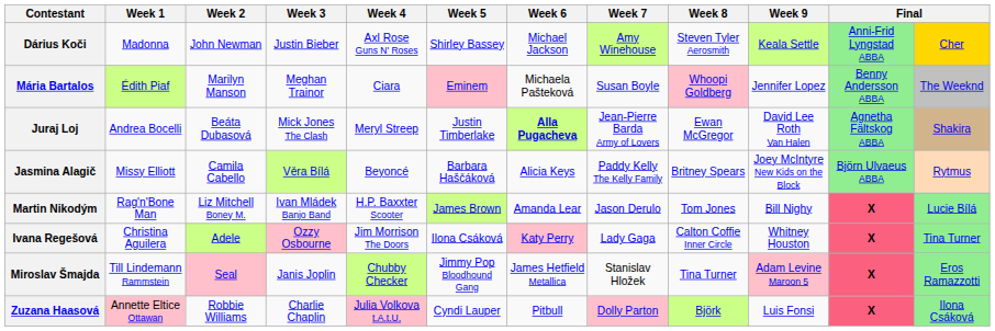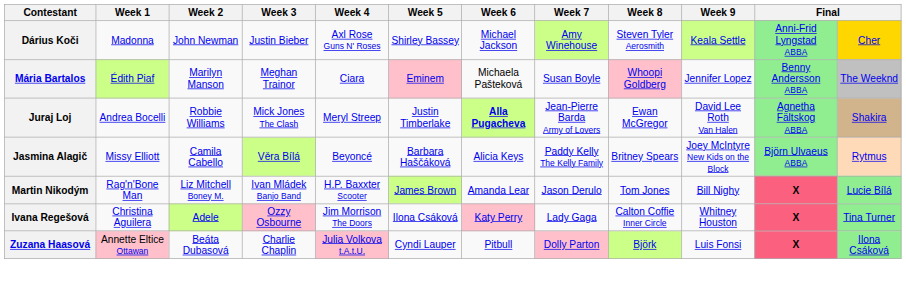 <table class="wikitable" style="font-size:90%; text-align:center; margin-left: auto; margin-right: auto">
 <tr>
 <th style="width: 10%;">Contestant</th>
 <th style="width: 8%;">Week 1</th>
 <th style="width: 8%;">Week 2</th>
 <th style="width: 8%;">Week 3</th>
 <th style="width: 8%;">Week 4</th>
 <th style="width: 8%;">Week 5</th>
 <th style="width: 8%;">Week 6</th>
 <th style="width: 8%;">Week 7</th>
 <th style="width: 8%;">Week 8</th>
 <th style="width: 8%;">Week 9</th>
 <th colspan="2" style="width: 16%;">Final</th>
 </tr>
 <tr>
 <th>Dárius Koči</th>
 <td><a href='#'>Madonna</a></td>
 <td><a href='#'>John Newman</a></td>
 <td><a href='#'>Justin Bieber</a></td>
 <td><a href='#'>Axl Rose</a> <br><small><a href='#'>Guns N' Roses</a></small></td>
 <td><a href='#'>Shirley Bassey</a></td>
 <td><a href='#'>Michael Jackson</a></td>
 <td style="background:#ccff88"><a href='#'>Amy Winehouse</a></td>
 <td><a href='#'>Steven Tyler</a> <br><small><a href='#'>Aerosmith</a></small></td>
 <td style="background:#ccff88"><a href='#'>Keala Settle</a></td>
 <td style="background:lightgreen"><a href='#'>Anni-Frid Lyngstad</a> <br><small><a href='#'>ABBA</a></small></td>
 <td style="background:gold"><a href='#'>Cher</a></td>
 </tr>
 <tr>
 <th><a href='#'>Mária Bartalos</a></th>
 <td style="background:#ccff88"><a href='#'>Édith Piaf</a></td>
 <td><a href='#'>Marilyn Manson</a></td>
 <td><a href='#'>Meghan Trainor</a></td>
 <td><a href='#'>Ciara</a></td>
 <td style="background:pink"><a href='#'>Eminem</a></td>
 <td>Michaela Pašteková</td>
 <td><a href='#'>Susan Boyle</a></td>
 <td style="background:pink"><a href='#'>Whoopi Goldberg</a></td>
 <td><a href='#'>Jennifer Lopez</a></td>
 <td style="background:lightgreen"><a href='#'>Benny Andersson</a> <br><small><a href='#'>ABBA</a></small></td>
 <td style="background:silver"><a href='#'>The Weeknd</a></td>
 </tr>
 <tr>
 <th>Juraj Loj</th>
 <td><a href='#'>Andrea Bocelli</a></td>
-<td><a href='#'>Beáta Dubasová</a></td>
+<td><a href='#'>Robbie Williams</a></td>
 <td><a href='#'>Mick Jones</a> <br><small><a href='#'>The Clash</a></small></td>
 <td><a href='#'>Meryl Streep</a></td>
 <td><a href='#'>Justin Timberlake</a></td>
 <td style="background:#ccff88"><strong><a href='#'>Alla Pugacheva</a></strong></td>
 <td><a href='#'>Jean-Pierre Barda</a> <br><small><a href='#'>Army of Lovers</a></small></td>
 <td><a href='#'>Ewan McGregor</a></td>
 <td><a href='#'>David Lee Roth</a> <br><small><a href='#'>Van Halen</a></small></td>
 <td style="background:lightgreen"><a href='#'>Agnetha Fältskog</a> <br><small><a href='#'>ABBA</a></small></td>
 <td style="background:tan"><a href='#'>Shakira</a></td>
 </tr>
 <tr>
 <th>Jasmina Alagič</th>
 <td><a href='#'>Missy Elliott</a></td>
 <td><a href='#'>Camila Cabello</a></td>
 <td style="background:#ccff88"><a href='#'>Věra Bílá</a></td>
 <td><a href='#'>Beyoncé</a></td>
 <td><a href='#'>Barbara Haščáková</a></td>
 <td><a href='#'>Alicia Keys</a></td>
 <td><a href='#'>Paddy Kelly</a> <br><small><a href='#'>The Kelly Family</a></small></td>
 <td><a href='#'>Britney Spears</a></td>
 <td><a href='#'>Joey McIntyre</a> <br><small><a href='#'>New Kids on the Block</a></small></td>
 <td style="background:lightgreen"><a href='#'>Björn Ulvaeus</a> <br><small><a href='#'>ABBA</a></small></td>
 <td style="background:peachpuff"><a href='#'>Rytmus</a></td>
 </tr>
 <tr>
 <th>Martin Nikodým</th>
 <td><a href='#'>Rag'n'Bone Man</a></td>
 <td><a href='#'>Liz Mitchell</a> <br><small><a href='#'>Boney M.</a></small></td>
 <td><a href='#'>Ivan Mládek</a> <br><small><a href='#'>Banjo Band</a></small></td>
 <td><a href='#'>H.P. Baxxter</a> <br><small><a href='#'>Scooter</a></small></td>
 <td style="background:#ccff88"><a href='#'>James Brown</a></td>
 <td><a href='#'>Amanda Lear</a></td>
 <td><a href='#'>Jason Derulo</a></td>
 <td><a href='#'>Tom Jones</a></td>
 <td><a href='#'>Bill Nighy</a></td>
 <td style="background:#FB607F;"><strong>X</strong></td>
 <td style="background:lightgreen"><a href='#'>Lucie Bílá</a></td>
 </tr>
 <tr>
 <th>Ivana Regešová</th>
 <td><a href='#'>Christina Aguilera</a></td>
 <td style="background:#ccff88"><a href='#'>Adele</a></td>
 <td style="background:pink"><a href='#'>Ozzy Osbourne</a></td>
 <td><a href='#'>Jim Morrison</a> <br><small><a href='#'>The Doors</a></small></td>
 <td><a href='#'>Ilona Csáková</a></td>
 <td style="background:pink"><a href='#'>Katy Perry</a></td>
 <td><a href='#'>Lady Gaga</a></td>
 <td><a href='#'>Calton Coffie</a> <br><small><a href='#'>Inner Circle</a></small></td>
 <td><a href='#'>Whitney Houston</a></td>
 <td style="background:#FB607F;"><strong>X</strong></td>
 <td style="background:lightgreen"><a href='#'>Tina Turner</a></td>
 </tr>
 <tr>
-<th>Miroslav Šmajda</th>
-<td><a href='#'>Till Lindemann</a> <br><small><a href='#'>Rammstein</a></small></td>
-<td style="background:pink"><a href='#'>Seal</a></td>
-<td><a href='#'>Janis Joplin</a></td>
-<td style="background:#ccff88"><a href='#'>Chubby Checker</a></td>
-<td><a href='#'>Jimmy Pop</a> <br><small><a href='#'>Bloodhound Gang</a></small></td>
-<td><a href='#'>James Hetfield</a> <br><small><a href='#'>Metallica</a></small></td>
-<td>Stanislav Hložek</td>
-<td><a href='#'>Tina Turner</a></td>
-<td style="background:pink"><a href='#'>Adam Levine</a> <br><small><a href='#'>Maroon 5</a></small></td>
-<td style="background:#FB607F;"><strong>X</strong></td>
-<td style="background:lightgreen"><a href='#'>Eros Ramazzotti</a></td>
-</tr>
-<tr>
 <th><a href='#'>Zuzana Haasová</a></th>
 <td style="background:pink">Annette Eltice <br><small><a href='#'>Ottawan</a></small></td>
-<td><a href='#'>Robbie Williams</a></td>
+<td><a href='#'>Beáta Dubasová</a></td>
 <td><a href='#'>Charlie Chaplin</a></td>
 <td style="background:pink"><a href='#'>Julia Volkova</a> <br><small><a href='#'>t.A.t.U.</a></small></td>
 <td><a href='#'>Cyndi Lauper</a></td>
 <td><a href='#'>Pitbull</a></td>
 <td style="background:pink"><a href='#'>Dolly Parton</a></td>
 <td style="background:#ccff88"><a href='#'>Björk</a></td>
 <td><a href='#'>Luis Fonsi</a></td>
 <td style="background:#FB607F;"><strong>X</strong></td>
 <td style="background:lightgreen"><a href='#'>Ilona Csáková</a></td>
 </tr>
 </table>
